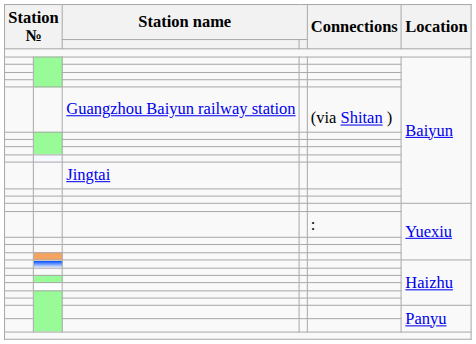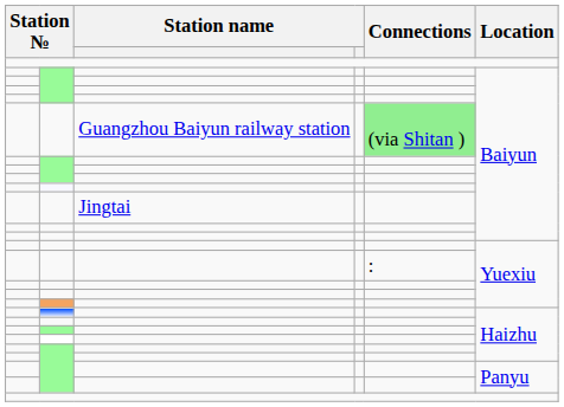 <table class="wikitable">
 <tr>
 <th rowspan="2" colspan="2">Station<br>№</th>
 <th colspan="2">Station name</th>
 <th rowspan="2">Connections<br></th>
 <th rowspan="2">Location</th>
 </tr>
 <tr>
 <th></th>
 <th></th>
 </tr>
 <tr style="background:#">
 <td colspan = "7"></td>
 </tr>
 <tr>
 <td></td>
 <td rowspan="4" style=background:#98fb98></td>
 <td></td>
 <td></td>
 <td> </td>
 <td rowspan=12><a href='#'>Baiyun</a></td>
 </tr>
 <tr>
 <td></td>
 <td></td>
 <td></td>
 <td></td>
 </tr>
 <tr>
 <td></td>
 <td></td>
 <td></td>
 <td></td>
 </tr>
 <tr>
 <td></td>
 <td></td>
 <td></td>
 <td> </td>
 </tr>
 <tr>
 <td></td>
 <td></td>
 <td><a href='#'>Guangzhou Baiyun railway station</a></td>
 <td></td>
-<td> <br> (via <a href='#'>Shitan</a> )<br></td>
+<td style="background: lightgreen;"> <br> (via <a href='#'>Shitan</a> )<br></td>
 </tr>
 <tr>
 <td></td>
 <td rowspan="3" style=background:#98fb98></td>
 <td></td>
 <td></td>
 <td></td>
 </tr>
 <tr>
 <td></td>
 <td></td>
 <td></td>
 <td></td>
 </tr>
 <tr>
 <td></td>
 <td></td>
 <td></td>
 <td> </td>
 </tr>
 <tr>
 <td></td>
 <td style=background:#F8F8FF></td>
 <td></td>
 <td></td>
 <td></td>
 </tr>
 <tr>
 <td></td>
 <td></td>
 <td><a href='#'>Jingtai</a></td>
 <td></td>
 <td></td>
 </tr>
 <tr>
 <td></td>
 <td></td>
 <td></td>
 <td></td>
 <td></td>
 </tr>
 <tr>
 <td></td>
 <td></td>
 <td></td>
 <td></td>
 <td> </td>
 </tr>
 <tr>
 <td></td>
 <td></td>
 <td></td>
 <td></td>
 <td></td>
 <td rowspan=5><a href='#'>Yuexiu</a></td>
 </tr>
 <tr>
 <td></td>
 <td></td>
 <td></td>
 <td></td>
 <td>:   <br> </td>
 </tr>
 <tr>
 <td></td>
 <td></td>
 <td></td>
 <td></td>
 <td> </td>
 </tr>
 <tr>
 <td></td>
 <td></td>
 <td></td>
 <td></td>
 <td>   </td>
 </tr>
 <tr>
 <td></td>
 <td style=background:#f4a460></td>
 <td></td>
 <td></td>
 <td></td>
 </tr>
 <tr>
 <td></td>
 <td style="background-image: linear-gradient(to bottom, #004eff, #FFFFFF);"></td>
 <td></td>
 <td></td>
 <td></td>
 <td rowspan=6><a href='#'>Haizhu</a></td>
 </tr>
 <tr>
 <td></td>
 <td></td>
 <td></td>
 <td></td>
 <td> </td>
 </tr>
 <tr>
 <td></td>
 <td style=background:#98fb98></td>
 <td></td>
 <td></td>
 <td></td>
 </tr>
 <tr>
 <td></td>
 <td style=background:#FFFFFF></td>
 <td></td>
 <td></td>
 <td> </td>
 </tr>
 <tr>
 <td></td>
 <td rowspan="4" style=background:#98fb98></td>
 <td></td>
 <td></td>
 <td></td>
 </tr>
 <tr>
 <td></td>
 <td></td>
 <td></td>
 <td> </td>
 </tr>
 <tr>
 <td></td>
 <td></td>
 <td></td>
 <td> </td>
 <td rowspan=2><a href='#'>Panyu</a></td>
 </tr>
 <tr>
 <td></td>
 <td></td>
 <td></td>
 <td>   </td>
 </tr>
 <tr style="background:#">
 <td colspan = "7"></td>
 </tr>
 </table>
